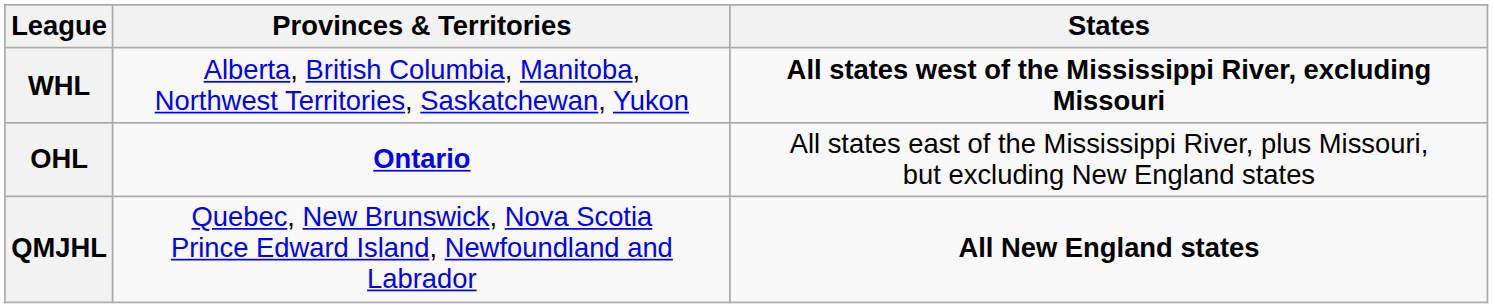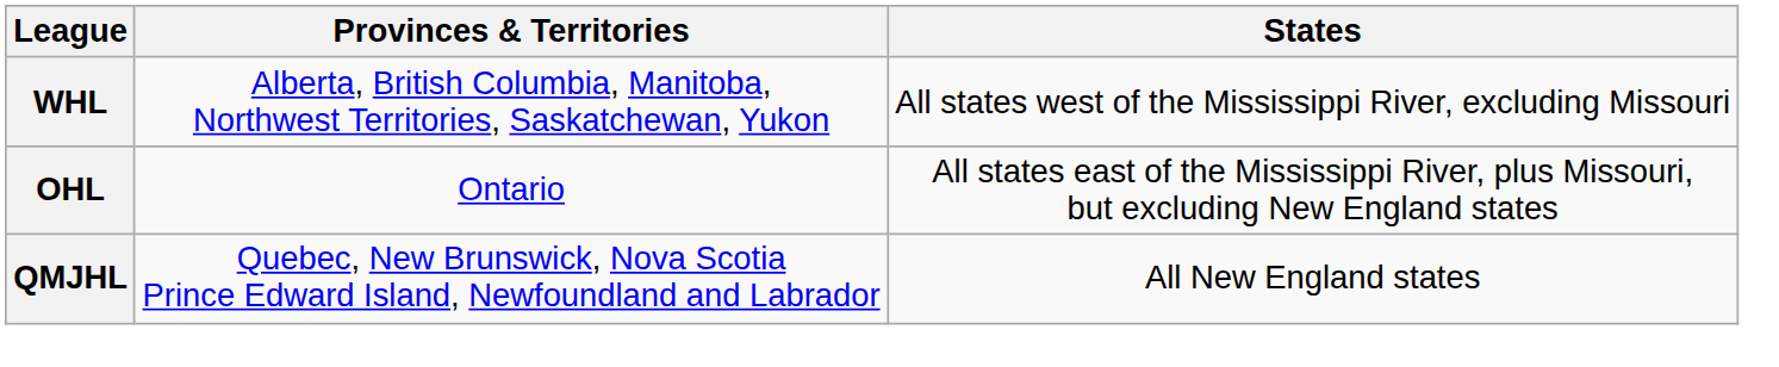 <table class="wikitable">
 <tr align="center">
 <th>League</th>
 <th>Provinces & Territories</th>
 <th>States</th>
 </tr>
 <tr align="center">
 <th>WHL</th>
 <td><a href='#'>Alberta</a>, <a href='#'>British Columbia</a>, <a href='#'>Manitoba</a>,<br><a href='#'>Northwest Territories</a>, <a href='#'>Saskatchewan</a>, <a href='#'>Yukon</a></td>
-<td><strong>All states west of the Mississippi River, excluding Missouri</strong></td>
+<td>All states west of the Mississippi River, excluding Missouri</td>
 </tr>
 <tr align="center">
 <th>OHL</th>
-<td><strong><a href='#'>Ontario</a></strong></td>
+<td><a href='#'>Ontario</a></td>
 <td>All states east of the Mississippi River, plus Missouri,<br> but excluding New England states</td>
 </tr>
 <tr align="center">
 <th>QMJHL</th>
 <td><a href='#'>Quebec</a>, <a href='#'>New Brunswick</a>, <a href='#'>Nova Scotia</a><br><a href='#'>Prince Edward Island</a>, <a href='#'>Newfoundland and Labrador</a></td>
-<td><strong>All New England states</strong></td>
+<td>All New England states</td>
 </tr>
 </table>
